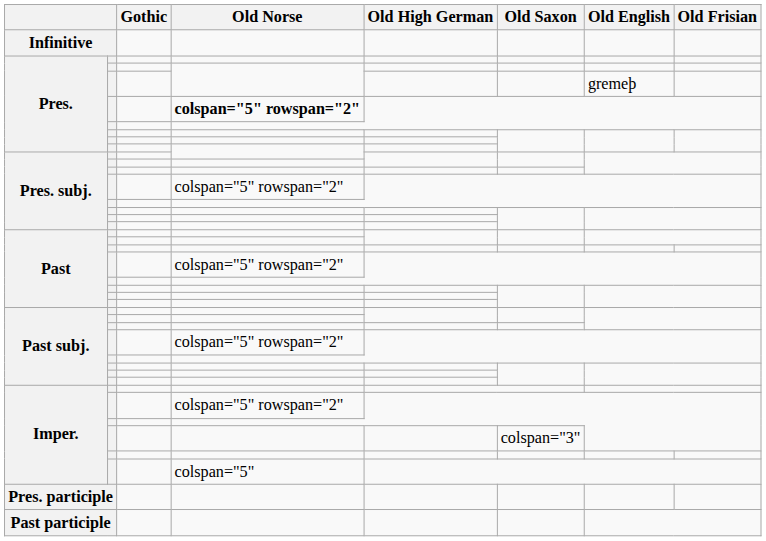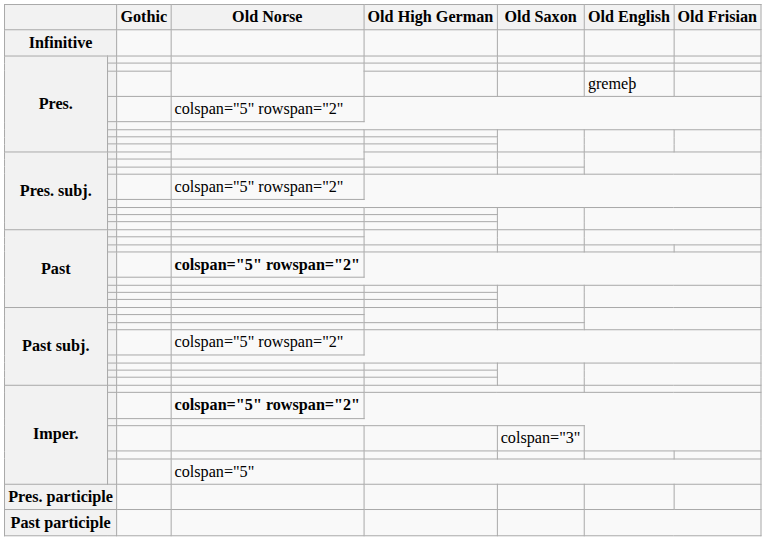 <table class="wikitable">
 <tr>
 <th colspan=2></th>
 <th>Gothic</th>
 <th>Old Norse</th>
 <th>Old High German</th>
 <th>Old Saxon</th>
 <th>Old English</th>
 <th>Old Frisian</th>
 </tr>
 <tr>
 <th colspan=2>Infinitive</th>
 <td></td>
 <td></td>
 <td></td>
 <td></td>
 <td></td>
 <td></td>
 </tr>
 <tr>
 <th rowspan=8>Pres.</th>
 <th></th>
 <td></td>
 <td></td>
 <td></td>
 <td></td>
 <td></td>
 <td></td>
 </tr>
 <tr>
 <th></th>
 <td></td>
 <td rowspan="2"></td>
 <td></td>
 <td></td>
 <td></td>
 <td></td>
 </tr>
 <tr>
 <th></th>
 <td></td>
 <td></td>
 <td></td>
 <td>gremeþ</td>
 <td></td>
 </tr>
 <tr>
 <th></th>
 <td></td>
-<td><strong>colspan="5" rowspan="2" </strong></td>
+<td>colspan="5" rowspan="2" </td>
 </tr>
 <tr>
 <th></th>
 <td></td>
 </tr>
 <tr>
 <th></th>
 <td></td>
 <td></td>
 <td></td>
 <td rowspan="3"></td>
 <td rowspan="3"></td>
 <td rowspan="3"></td>
 </tr>
 <tr>
 <th></th>
 <td></td>
 <td></td>
 <td></td>
 </tr>
 <tr>
 <th></th>
 <td></td>
 <td rowspan="2"></td>
 <td></td>
 </tr>
 <tr>
 <th rowspan=8>Pres. subj.</th>
 <th></th>
 <td></td>
 <td rowspan="2"></td>
 <td rowspan="2"></td>
 <td colspan="2" rowspan="3"></td>
 </tr>
 <tr>
 <th></th>
 <td></td>
 <td></td>
 </tr>
 <tr>
 <th></th>
 <td></td>
 <td></td>
 <td></td>
 <td></td>
 </tr>
 <tr>
 <th></th>
 <td></td>
 <td>colspan="5" rowspan="2" </td>
 </tr>
 <tr>
 <th></th>
 <td></td>
 </tr>
 <tr>
 <th></th>
 <td></td>
 <td></td>
 <td></td>
 <td rowspan="3"></td>
 <td colspan="2" rowspan="3"></td>
 </tr>
 <tr>
 <th></th>
 <td></td>
 <td></td>
 <td></td>
 </tr>
 <tr>
 <th></th>
 <td></td>
 <td></td>
 <td></td>
 </tr>
 <tr>
 <th rowspan=8>Past</th>
 <th></th>
 <td></td>
 <td></td>
 <td rowspan="2"></td>
 <td rowspan="2"></td>
 <td colspan="2" rowspan="2"></td>
 </tr>
 <tr>
 <th></th>
 <td></td>
 <td></td>
 </tr>
 <tr>
 <th></th>
 <td></td>
 <td></td>
 <td></td>
 <td></td>
 <td></td>
 <td></td>
 </tr>
 <tr>
 <th></th>
 <td></td>
-<td>colspan="5" rowspan="2" </td>
+<td><strong>colspan="5" rowspan="2" </strong></td>
 </tr>
 <tr>
 <th></th>
 <td></td>
 </tr>
 <tr>
 <th></th>
 <td></td>
 <td></td>
 <td></td>
 <td rowspan="3"></td>
 <td colspan="2" rowspan="3"></td>
 </tr>
 <tr>
 <th></th>
 <td></td>
 <td></td>
 <td></td>
 </tr>
 <tr>
 <th></th>
 <td></td>
 <td></td>
 <td></td>
 </tr>
 <tr>
 <th rowspan=8>Past subj.</th>
 <th></th>
 <td></td>
 <td></td>
 <td rowspan="2"></td>
 <td rowspan="2"></td>
 <td colspan="2" rowspan="3"></td>
 </tr>
 <tr>
 <th></th>
 <td></td>
 <td></td>
 </tr>
 <tr>
 <th></th>
 <td></td>
 <td></td>
 <td></td>
 <td></td>
 </tr>
 <tr>
 <th></th>
 <td></td>
 <td>colspan="5" rowspan="2" </td>
 </tr>
 <tr>
 <th></th>
 <td></td>
 </tr>
 <tr>
 <th></th>
 <td></td>
 <td></td>
 <td></td>
 <td rowspan="3"></td>
 <td colspan="2" rowspan="3"></td>
 </tr>
 <tr>
 <th></th>
 <td></td>
 <td></td>
 <td></td>
 </tr>
 <tr>
 <th></th>
 <td></td>
 <td></td>
 <td></td>
 </tr>
 <tr>
 <th rowspan=6>Imper.</th>
 <th></th>
 <td></td>
 <td></td>
 <td colspan="2"></td>
 <td colspan="2"></td>
 </tr>
 <tr>
 <th></th>
 <td></td>
-<td>colspan="5" rowspan="2" </td>
+<td><strong>colspan="5" rowspan="2" </strong></td>
 </tr>
 <tr>
 <th></th>
 <td></td>
 </tr>
 <tr>
 <th></th>
 <td></td>
 <td></td>
 <td></td>
 <td>colspan="3" </td>
 </tr>
 <tr>
 <th></th>
 <td></td>
 <td></td>
 <td></td>
 <td></td>
 <td></td>
 <td></td>
 </tr>
 <tr>
 <th></th>
 <td></td>
 <td>colspan="5" </td>
 </tr>
 <tr>
 <th colspan=2>Pres. participle</th>
 <td></td>
 <td></td>
 <td></td>
 <td></td>
 <td></td>
 <td></td>
 </tr>
 <tr>
 <th colspan=2>Past participle</th>
 <td></td>
 <td></td>
 <td></td>
 <td></td>
 <td colspan="2"></td>
 </tr>
 </table>
